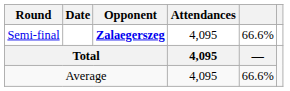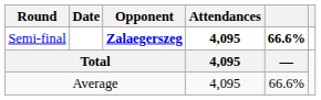 <table class="wikitable sortable mw-collapsible mw-collapsed" style="text-align:center; font-size:85%;">
 <tr>
 <th scope="col">Round</th>
 <th scope="col">Date</th>
 <th scope="col">Opponent</th>
 <th scope="col">Attendances</th>
 <th scope="col"></th>
 <th scope="col"></th>
 </tr>
 <tr bgcolor="white">
 <td><a href='#'>Semi-final</a></td>
 <td></td>
 <td><strong><a href='#'>Zalaegerszeg</a></strong></td>
-<td>4,095</td>
-<td>66.6%</td>
+<td><strong>4,095</strong></td>
+<td><strong>66.6%</strong></td>
 <td></td>
 </tr>
 <tr>
 <th colspan="3">Total</th>
 <th>4,095</th>
 <th>—</th>
 </tr>
 <tr>
 <td colspan="3">Average</td>
 <td>4,095</td>
 <td>66.6%</td>
 </tr>
 </table>
